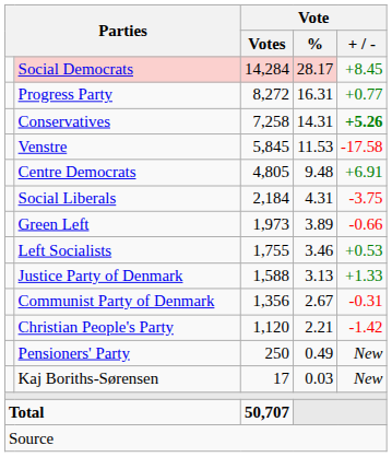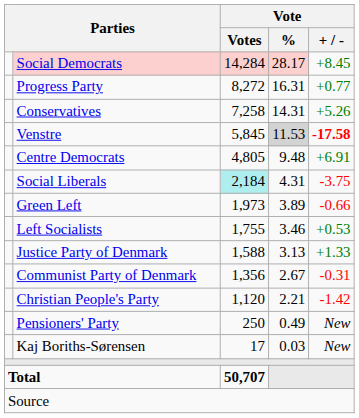 <table class="wikitable" style="text-align:right;">
 <tr>
 <th style="text-align:centre;" rowspan="2" colspan="2" width="225">Parties</th>
 <th colspan="3">Vote</th>
 </tr>
 <tr>
 <th width="15">Votes</th>
 <th width="15">%</th>
 <th width="15">+ / -</th>
 </tr>
 <tr>
 <td width="2" style="color:inherit;background:"></td>
 <td bgcolor=#fbd0ce  align="left"><a href='#'>Social Democrats</a></td>
 <td bgcolor=#fbd0ce>14,284</td>
 <td bgcolor=#fbd0ce>28.17</td>
 <td style=color:green;>+8.45</td>
 </tr>
 <tr>
 <td width="2" style="color:inherit;background:"></td>
 <td align="left"><a href='#'>Progress Party</a></td>
 <td>8,272</td>
 <td>16.31</td>
 <td style=color:green;>+0.77</td>
 </tr>
 <tr>
 <td width="2" style="color:inherit;background:"></td>
 <td align="left"><a href='#'>Conservatives</a></td>
 <td>7,258</td>
 <td>14.31</td>
-<td style=color:green;><strong>+5.26</strong></td>
+<td style=color:green;>+5.26</td>
 </tr>
 <tr>
 <td width="2" style="color:inherit;background:"></td>
 <td align="left"><a href='#'>Venstre</a></td>
 <td>5,845</td>
-<td>11.53</td>
-<td style=color:red;>-17.58</td>
+<td style="background: lightgrey;">11.53</td>
+<td style=color:red;><strong>-17.58</strong></td>
 </tr>
 <tr>
 <td width="2" style="color:inherit;background:"></td>
 <td align="left"><a href='#'>Centre Democrats</a></td>
 <td>4,805</td>
 <td>9.48</td>
 <td style=color:green;>+6.91</td>
 </tr>
 <tr>
 <td width="2" style="color:inherit;background:"></td>
 <td align="left"><a href='#'>Social Liberals</a></td>
-<td>2,184</td>
+<td style="background: paleturquoise;">2,184</td>
 <td>4.31</td>
 <td style=color:red;>-3.75</td>
 </tr>
 <tr>
 <td width="2" style="color:inherit;background:"></td>
 <td align="left"><a href='#'>Green Left</a></td>
 <td>1,973</td>
 <td>3.89</td>
 <td style=color:red;>-0.66</td>
 </tr>
 <tr>
 <td width="2" style="color:inherit;background:"></td>
 <td align="left"><a href='#'>Left Socialists</a></td>
 <td>1,755</td>
 <td>3.46</td>
 <td style=color:green;>+0.53</td>
 </tr>
 <tr>
 <td width="2" style="color:inherit;background:"></td>
 <td align="left"><a href='#'>Justice Party of Denmark</a></td>
 <td>1,588</td>
 <td>3.13</td>
 <td style=color:green;>+1.33</td>
 </tr>
 <tr>
 <td width="2" style="color:inherit;background:"></td>
 <td align="left"><a href='#'>Communist Party of Denmark</a></td>
 <td>1,356</td>
 <td>2.67</td>
 <td style=color:red;>-0.31</td>
 </tr>
 <tr>
 <td width="2" style="color:inherit;background:"></td>
 <td align="left"><a href='#'>Christian People's Party</a></td>
 <td>1,120</td>
 <td>2.21</td>
 <td style=color:red;>-1.42</td>
 </tr>
 <tr>
 <td width="2" style="color:inherit;background:"></td>
 <td align="left"><a href='#'>Pensioners' Party</a></td>
 <td>250</td>
 <td>0.49</td>
 <td><em>New</em></td>
 </tr>
 <tr>
 <td width="2" style="color:inherit;background:"></td>
 <td align="left">Kaj Boriths-Sørensen</td>
 <td>17</td>
 <td>0.03</td>
 <td><em>New</em></td>
 </tr>
 <tr>
 <td colspan="7" bgcolor="#E9E9E9"></td>
 </tr>
 <tr>
 <td align="left" colspan="2"><strong>Total</strong></td>
 <td><strong>50,707</strong></td>
 <td bgcolor="#E9E9E9" colspan="2"></td>
 </tr>
 <tr>
 <td align="left" colspan="6">Source</td>
 </tr>
 </table>
